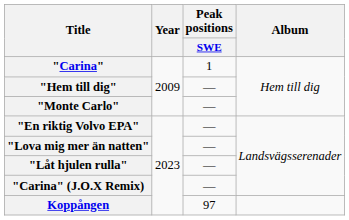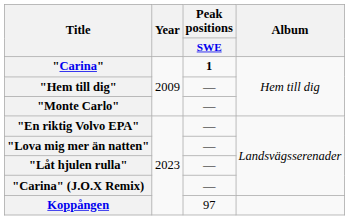 <table class="wikitable plainrowheaders" style="text-align:center">
 <tr>
 <th scope="col" rowspan="2">Title</th>
 <th scope="col" rowspan="2">Year</th>
 <th scope="col" colspan="1">Peak positions</th>
 <th scope="col" rowspan="2">Album</th>
 </tr>
 <tr>
 <th scope="col" style="width:3em;font-size:90%;"><a href='#'>SWE</a><br></th>
 </tr>
 <tr>
 <th scope="row">"<a href='#'>Carina</a>"</th>
 <td rowspan="3">2009</td>
-<td>1</td>
+<td><strong>1</strong></td>
 <td rowspan="3"><em>Hem till dig</em></td>
 </tr>
 <tr>
 <th scope="row">"Hem till dig"</th>
 <td>—</td>
 </tr>
 <tr>
 <th scope="row">"Monte Carlo"</th>
 <td>—</td>
 </tr>
 <tr>
 <th scope="row">"En riktig Volvo EPA"</th>
 <td rowspan="5">2023</td>
 <td>—</td>
 <td rowspan="4"><em>Landsvägsserenader</em></td>
 </tr>
 <tr>
 <th scope="row">"Lova mig mer än natten"</th>
 <td>—</td>
 </tr>
 <tr>
 <th scope="row">"Låt hjulen rulla"</th>
 <td>—</td>
 </tr>
 <tr>
 <th scope="row">"Carina" (J.O.X Remix)</th>
 <td>—</td>
 </tr>
 <tr>
 <th scope="row"><a href='#'>Koppången</a></th>
 <td>97<br></td>
 <td></td>
 </tr>
 </table>
